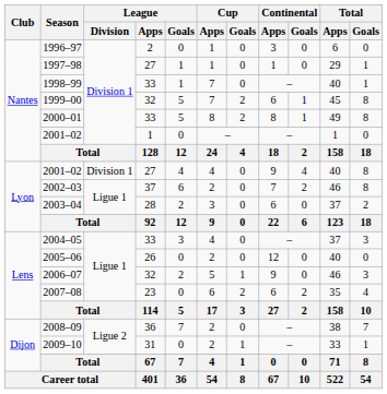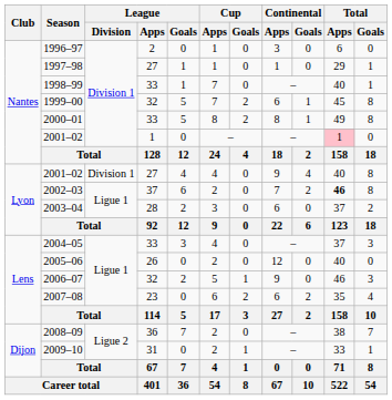 <table class="wikitable" style="text-align: center;">
 <tr>
 <th rowspan="2">Club</th>
 <th rowspan="2">Season</th>
 <th colspan="3">League</th>
 <th colspan="2">Cup</th>
 <th colspan="2">Continental</th>
 <th colspan="2">Total</th>
 </tr>
 <tr>
 <th>Division</th>
 <th>Apps</th>
 <th>Goals</th>
 <th>Apps</th>
 <th>Goals</th>
 <th>Apps</th>
 <th>Goals</th>
 <th>Apps</th>
 <th>Goals</th>
 </tr>
 <tr>
 <td rowspan="7"><a href='#'>Nantes</a></td>
 <td>1996–97</td>
 <td rowspan="6"><a href='#'>Division 1</a></td>
 <td>2</td>
 <td>0</td>
 <td>1</td>
 <td>0</td>
 <td>3</td>
 <td>0</td>
 <td>6</td>
 <td>0</td>
 </tr>
 <tr>
 <td>1997–98</td>
 <td>27</td>
 <td>1</td>
 <td>1</td>
 <td>0</td>
 <td>1</td>
 <td>0</td>
 <td>29</td>
 <td>1</td>
 </tr>
 <tr>
 <td>1998–99</td>
 <td>33</td>
 <td>1</td>
 <td>7</td>
 <td>0</td>
 <td colspan="2">–</td>
 <td>40</td>
 <td>1</td>
 </tr>
 <tr>
 <td>1999–00</td>
 <td>32</td>
 <td>5</td>
 <td>7</td>
 <td>2</td>
 <td>6</td>
 <td>1</td>
 <td>45</td>
 <td>8</td>
 </tr>
 <tr>
 <td>2000–01</td>
 <td>33</td>
 <td>5</td>
 <td>8</td>
 <td>2</td>
 <td>8</td>
 <td>1</td>
 <td>49</td>
 <td>8</td>
 </tr>
 <tr>
 <td>2001–02</td>
 <td>1</td>
 <td>0</td>
 <td colspan="2">–</td>
 <td colspan="2">–</td>
-<td>1</td>
+<td style="background: pink;">1</td>
 <td>0</td>
 </tr>
 <tr>
 <th colspan="2">Total</th>
 <th>128</th>
 <th>12</th>
 <th>24</th>
 <th>4</th>
 <th>18</th>
 <th>2</th>
 <th>158</th>
 <th>18</th>
 </tr>
 <tr>
 <td rowspan="4"><a href='#'>Lyon</a></td>
 <td>2001–02</td>
 <td>Division 1</td>
 <td>27</td>
 <td>4</td>
 <td>4</td>
 <td>0</td>
 <td>9</td>
 <td>4</td>
 <td>40</td>
 <td>8</td>
 </tr>
 <tr>
 <td>2002–03</td>
 <td rowspan="2">Ligue 1</td>
 <td>37</td>
 <td>6</td>
 <td>2</td>
 <td>0</td>
 <td>7</td>
 <td>2</td>
-<td>46</td>
+<td><strong>46</strong></td>
 <td>8</td>
 </tr>
 <tr>
 <td>2003–04</td>
 <td>28</td>
 <td>2</td>
 <td>3</td>
 <td>0</td>
 <td>6</td>
 <td>0</td>
 <td>37</td>
 <td>2</td>
 </tr>
 <tr>
 <th colspan="2">Total</th>
 <th>92</th>
 <th>12</th>
 <th>9</th>
 <th>0</th>
 <th>22</th>
 <th>6</th>
 <th>123</th>
 <th>18</th>
 </tr>
 <tr>
 <td rowspan="5"><a href='#'>Lens</a></td>
 <td>2004–05</td>
 <td rowspan="4">Ligue 1</td>
 <td>33</td>
 <td>3</td>
 <td>4</td>
 <td>0</td>
 <td colspan="2">–</td>
 <td>37</td>
 <td>3</td>
 </tr>
 <tr>
 <td>2005–06</td>
 <td>26</td>
 <td>0</td>
 <td>2</td>
 <td>0</td>
 <td>12</td>
 <td>0</td>
 <td>40</td>
 <td>0</td>
 </tr>
 <tr>
 <td>2006–07</td>
 <td>32</td>
 <td>2</td>
 <td>5</td>
 <td>1</td>
 <td>9</td>
 <td>0</td>
 <td>46</td>
 <td>3</td>
 </tr>
 <tr>
 <td>2007–08</td>
 <td>23</td>
 <td>0</td>
 <td>6</td>
 <td>2</td>
 <td>6</td>
 <td>2</td>
 <td>35</td>
 <td>4</td>
 </tr>
 <tr>
 <th colspan="2">Total</th>
 <th>114</th>
 <th>5</th>
 <th>17</th>
 <th>3</th>
 <th>27</th>
 <th>2</th>
 <th>158</th>
 <th>10</th>
 </tr>
 <tr>
 <td rowspan="3"><a href='#'>Dijon</a></td>
 <td>2008–09</td>
 <td rowspan="2">Ligue 2</td>
 <td>36</td>
 <td>7</td>
 <td>2</td>
 <td>0</td>
 <td colspan="2">–</td>
 <td>38</td>
 <td>7</td>
 </tr>
 <tr>
 <td>2009–10</td>
 <td>31</td>
 <td>0</td>
 <td>2</td>
 <td>1</td>
 <td colspan="2">–</td>
 <td>33</td>
 <td>1</td>
 </tr>
 <tr>
 <th colspan="2">Total</th>
 <th>67</th>
 <th>7</th>
 <th>4</th>
 <th>1</th>
 <th>0</th>
 <th>0</th>
 <th>71</th>
 <th>8</th>
 </tr>
 <tr>
 <th colspan="3">Career total</th>
 <th>401</th>
 <th>36</th>
 <th>54</th>
 <th>8</th>
 <th>67</th>
 <th>10</th>
 <th>522</th>
 <th>54</th>
 </tr>
 </table>
